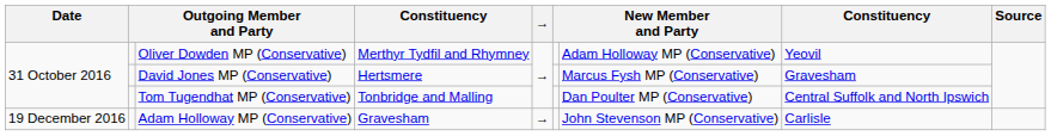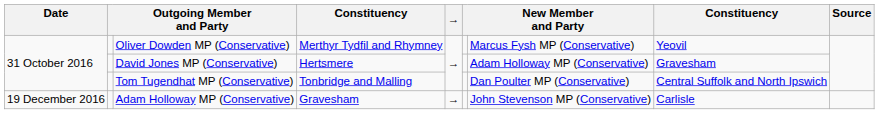 <table class="wikitable">
 <tr>
 <th valign="top">Date</th>
 <th colspan="2" valign="top">Outgoing Member<br>and Party</th>
 <th valign="top">Constituency</th>
 <th>→</th>
 <th colspan="2" valign="top">New Member<br>and Party</th>
 <th valign="top">Constituency</th>
 <th valign="top">Source</th>
 </tr>
 <tr>
 <td rowspan=3>31 October 2016</td>
 <td style="color:inherit;background:"></td>
 <td><a href='#'>Oliver Dowden</a> MP (<a href='#'>Conservative</a>)</td>
 <td><a href='#'>Merthyr Tydfil and Rhymney</a></td>
 <td rowspan=3>→</td>
 <td style="color:inherit;background:"></td>
-<td><a href='#'>Adam Holloway</a> MP (<a href='#'>Conservative</a>)</td>
+<td><a href='#'>Marcus Fysh</a> MP (<a href='#'>Conservative</a>)</td>
 <td><a href='#'>Yeovil</a></td>
 <td rowspan=3></td>
 </tr>
 <tr>
 <td style="color:inherit;background:"></td>
 <td><a href='#'>David Jones</a> MP (<a href='#'>Conservative</a>)</td>
 <td><a href='#'>Hertsmere</a></td>
 <td style="color:inherit;background:"></td>
-<td><a href='#'>Marcus Fysh</a> MP (<a href='#'>Conservative</a>)</td>
+<td><a href='#'>Adam Holloway</a> MP (<a href='#'>Conservative</a>)</td>
 <td><a href='#'>Gravesham</a></td>
 </tr>
 <tr>
 <td style="color:inherit;background:"></td>
 <td><a href='#'>Tom Tugendhat</a> MP (<a href='#'>Conservative</a>)</td>
 <td><a href='#'>Tonbridge and Malling</a></td>
 <td style="color:inherit;background:"></td>
 <td><a href='#'>Dan Poulter</a> MP (<a href='#'>Conservative</a>)</td>
 <td><a href='#'>Central Suffolk and North Ipswich</a></td>
 </tr>
 <tr>
 <td>19 December 2016</td>
 <td style="color:inherit;background:"></td>
 <td><a href='#'>Adam Holloway</a> MP (<a href='#'>Conservative</a>)</td>
 <td><a href='#'>Gravesham</a></td>
 <td>→</td>
 <td style="color:inherit;background:"></td>
 <td><a href='#'>John Stevenson</a> MP (<a href='#'>Conservative</a>)</td>
 <td><a href='#'>Carlisle</a></td>
 <td></td>
 </tr>
 </table>
